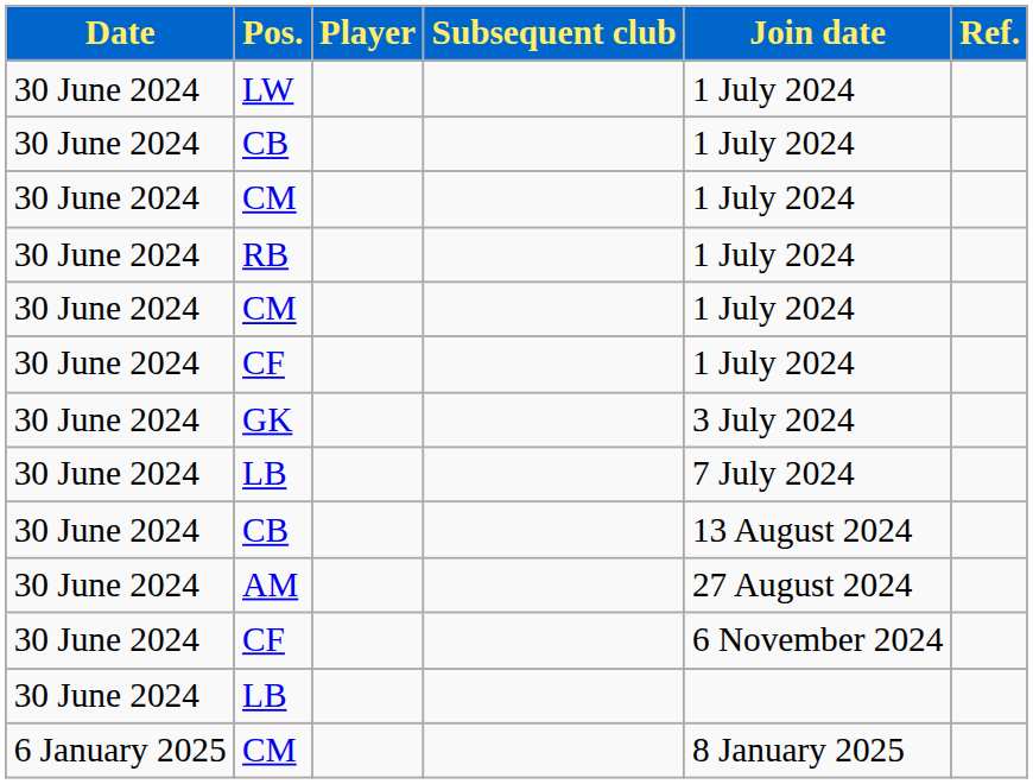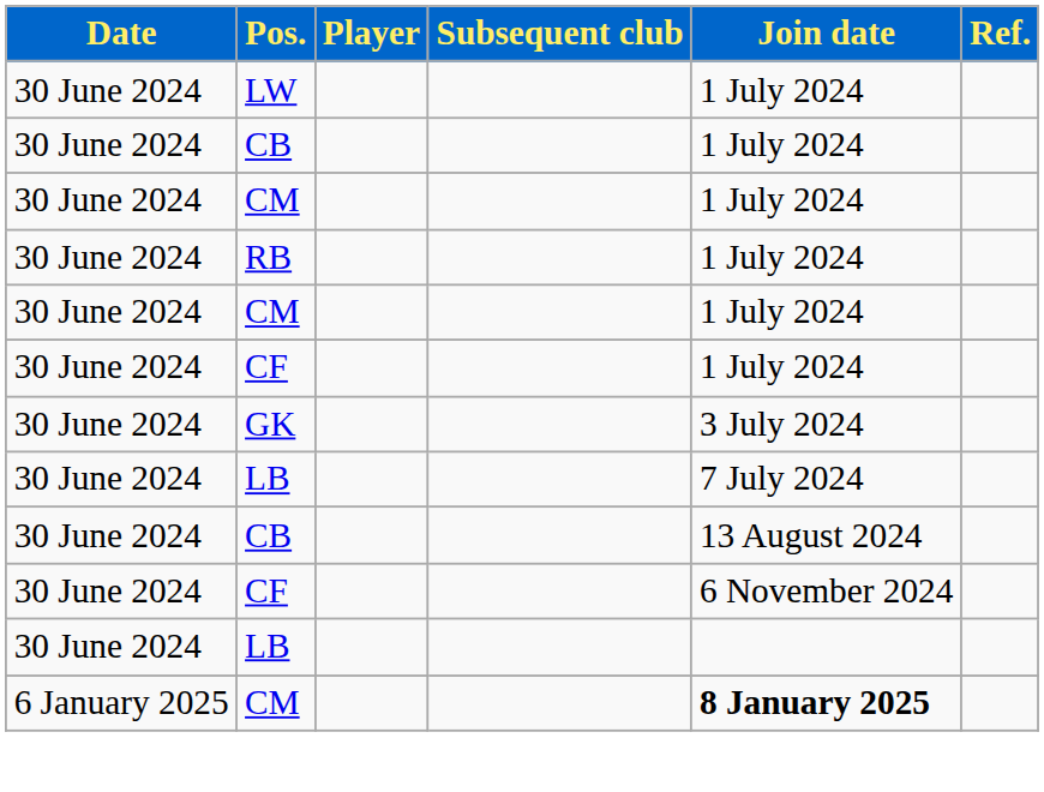 <table class="wikitable plainrowheaders sortable">
 <tr>
 <th style="background:#0066cb; color:#fe6; ">Date</th>
 <th style="background:#0066cb; color:#fe6; ">Pos.</th>
 <th style="background:#0066cb; color:#fe6; ">Player</th>
 <th style="background:#0066cb; color:#fe6; ">Subsequent club</th>
 <th style="background:#0066cb; color:#fe6; ">Join date</th>
 <th style="background:#0066cb; color:#fe6; ">Ref.</th>
 </tr>
 <tr>
 <td>30 June 2024</td>
 <td><a href='#'>LW</a></td>
 <td></td>
 <td></td>
 <td>1 July 2024</td>
 <td></td>
 </tr>
 <tr>
 <td>30 June 2024</td>
 <td><a href='#'>CB</a></td>
 <td></td>
 <td></td>
 <td>1 July 2024</td>
 <td></td>
 </tr>
 <tr>
 <td>30 June 2024</td>
 <td><a href='#'>CM</a></td>
 <td></td>
 <td></td>
 <td>1 July 2024</td>
 <td></td>
 </tr>
 <tr>
 <td>30 June 2024</td>
 <td><a href='#'>RB</a></td>
 <td></td>
 <td></td>
 <td>1 July 2024</td>
 <td></td>
 </tr>
 <tr>
 <td>30 June 2024</td>
 <td><a href='#'>CM</a></td>
 <td></td>
 <td></td>
 <td>1 July 2024</td>
 <td></td>
 </tr>
 <tr>
 <td>30 June 2024</td>
 <td><a href='#'>CF</a></td>
 <td></td>
 <td></td>
 <td>1 July 2024</td>
 <td></td>
 </tr>
 <tr>
 <td>30 June 2024</td>
 <td><a href='#'>GK</a></td>
 <td></td>
 <td></td>
 <td>3 July 2024</td>
 <td></td>
 </tr>
 <tr>
 <td>30 June 2024</td>
 <td><a href='#'>LB</a></td>
 <td></td>
 <td></td>
 <td>7 July 2024</td>
 <td></td>
 </tr>
 <tr>
 <td>30 June 2024</td>
 <td><a href='#'>CB</a></td>
 <td></td>
 <td></td>
 <td>13 August 2024</td>
 <td></td>
 </tr>
 <tr>
 <td>30 June 2024</td>
-<td><a href='#'>AM</a></td>
-<td></td>
-<td></td>
-<td>27 August 2024</td>
-<td></td>
-</tr>
-<tr>
-<td>30 June 2024</td>
 <td><a href='#'>CF</a></td>
 <td></td>
 <td></td>
 <td>6 November 2024</td>
 <td></td>
 </tr>
 <tr>
 <td>30 June 2024</td>
 <td><a href='#'>LB</a></td>
 <td></td>
 <td></td>
 <td></td>
 <td></td>
 </tr>
 <tr>
 <td>6 January 2025</td>
 <td><a href='#'>CM</a></td>
 <td></td>
 <td></td>
-<td>8 January 2025</td>
+<td><strong>8 January 2025</strong></td>
 <td></td>
 </tr>
 </table>
